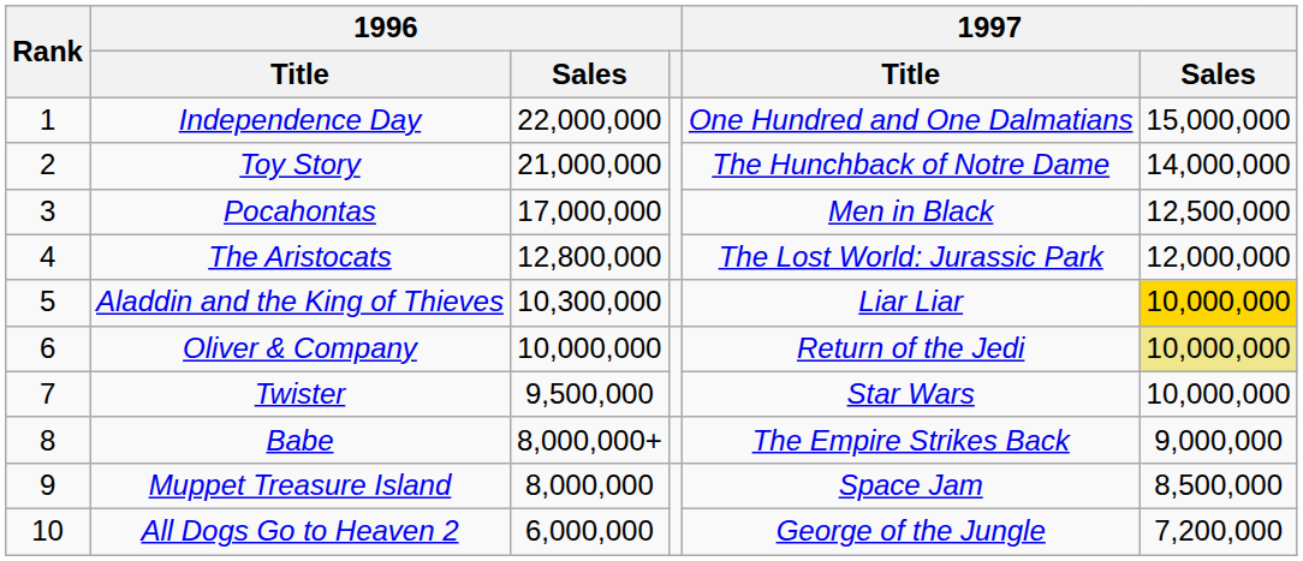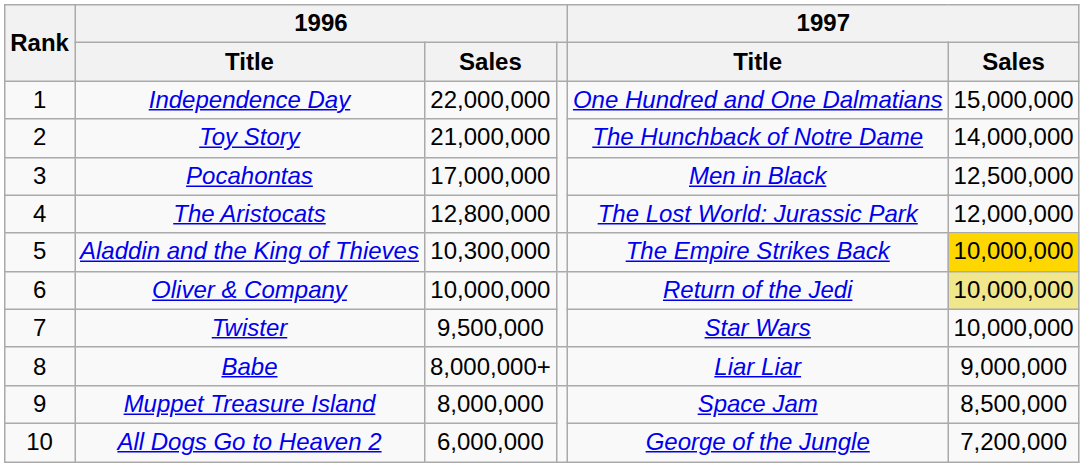 <table class="wikitable sortable" style="text-align:center">
 <tr>
 <th rowspan="2">Rank</th>
 <th colspan="3">1996</th>
 <th colspan="2">1997</th>
 </tr>
 <tr>
 <th>Title</th>
 <th>Sales</th>
 <th class="unsortable"></th>
 <th>Title</th>
 <th>Sales</th>
 </tr>
 <tr>
 <td>1</td>
 <td><em><a href='#'>Independence Day</a></em></td>
 <td>22,000,000</td>
 <td rowspan="4"></td>
 <td><em><a href='#'>One Hundred and One Dalmatians</a></em></td>
 <td>15,000,000</td>
 </tr>
 <tr>
 <td>2</td>
 <td><em><a href='#'>Toy Story</a></em></td>
 <td>21,000,000</td>
 <td><em><a href='#'>The Hunchback of Notre Dame</a></em></td>
 <td>14,000,000</td>
 </tr>
 <tr>
 <td>3</td>
 <td><em><a href='#'>Pocahontas</a></em></td>
 <td>17,000,000</td>
 <td><em><a href='#'>Men in Black</a></em></td>
 <td>12,500,000</td>
 </tr>
 <tr>
 <td>4</td>
 <td><em><a href='#'>The Aristocats</a></em></td>
 <td>12,800,000</td>
 <td><em><a href='#'>The Lost World: Jurassic Park</a></em></td>
 <td>12,000,000</td>
 </tr>
 <tr>
 <td>5</td>
 <td><em><a href='#'>Aladdin and the King of Thieves</a></em></td>
 <td>10,300,000</td>
 <td></td>
-<td><em><a href='#'>Liar Liar</a></em></td>
+<td><em><a href='#'>The Empire Strikes Back</a></em></td>
 <td style="background: gold;">10,000,000</td>
 </tr>
 <tr>
 <td>6</td>
 <td><em><a href='#'>Oliver & Company</a></em></td>
 <td>10,000,000</td>
 <td rowspan="2"></td>
 <td><em><a href='#'>Return of the Jedi</a></em></td>
 <td style="background: khaki;">10,000,000</td>
 </tr>
 <tr>
 <td>7</td>
 <td><em><a href='#'>Twister</a></em></td>
 <td>9,500,000</td>
 <td><em><a href='#'>Star Wars</a></em></td>
 <td>10,000,000</td>
 </tr>
 <tr>
 <td>8</td>
 <td><em><a href='#'>Babe</a></em></td>
 <td>8,000,000+</td>
 <td></td>
-<td><em><a href='#'>The Empire Strikes Back</a></em></td>
+<td><em><a href='#'>Liar Liar</a></em></td>
 <td>9,000,000</td>
 </tr>
 <tr>
 <td>9</td>
 <td><em><a href='#'>Muppet Treasure Island</a></em></td>
 <td>8,000,000</td>
 <td rowspan="2"></td>
 <td><em><a href='#'>Space Jam</a></em></td>
 <td>8,500,000</td>
 </tr>
 <tr>
 <td>10</td>
 <td><em><a href='#'>All Dogs Go to Heaven 2</a></em></td>
 <td>6,000,000</td>
 <td><em><a href='#'>George of the Jungle</a></em></td>
 <td>7,200,000</td>
 </tr>
 </table>
